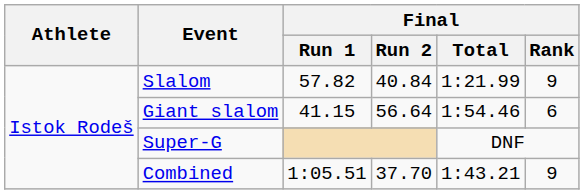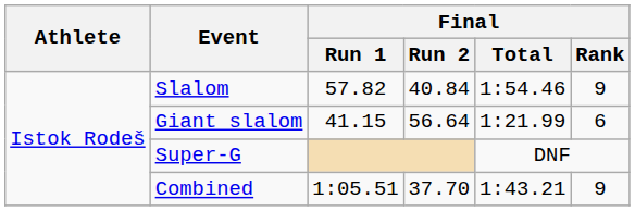 <table class="wikitable">
 <tr>
 <th rowspan="2">Athlete</th>
 <th rowspan="2">Event</th>
 <th colspan="4">Final</th>
 </tr>
 <tr>
 <th>Run 1</th>
 <th>Run 2</th>
 <th>Total</th>
 <th>Rank</th>
 </tr>
 <tr>
 <td rowspan=4><a href='#'>Istok Rodeš</a></td>
 <td><a href='#'>Slalom</a></td>
 <td align="center">57.82</td>
 <td align="center">40.84</td>
-<td align="center">1:21.99</td>
+<td align="center">1:54.46</td>
 <td align="center">9</td>
 </tr>
 <tr>
 <td><a href='#'>Giant slalom</a></td>
 <td align="center">41.15</td>
 <td align="center">56.64</td>
-<td align="center">1:54.46</td>
+<td align="center">1:21.99</td>
 <td align="center">6</td>
 </tr>
 <tr>
 <td><a href='#'>Super-G</a></td>
 <td colspan=2 bgcolor="wheat"></td>
 <td align="center" colspan=2>DNF</td>
 </tr>
 <tr>
 <td><a href='#'>Combined</a></td>
 <td align="center">1:05.51</td>
 <td align="center">37.70</td>
 <td align="center">1:43.21</td>
 <td align="center">9</td>
 </tr>
 </table>
